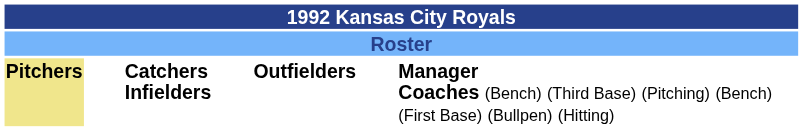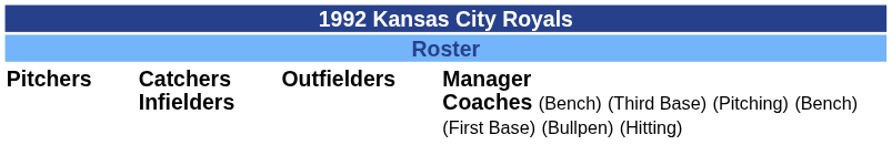 <table class="toccolours" style="font-size: 95%;">
 <tr>
 <th colspan="10" style="background-color: #27408B; color: #FFFFFF; text-align: center;">1992 Kansas City Royals</th>
 </tr>
 <tr>
 <td colspan="10" style="background-color: #74B4FA; color: #27408B; text-align: center;"><strong>Roster</strong></td>
 </tr>
 <tr>
-<td valign="top" style="background: khaki;"><strong>Pitchers</strong><br>                      </td>
+<td valign="top"><strong>Pitchers</strong><br>                      </td>
 <td width="25px"></td>
 <td valign="top"><strong>Catchers</strong><br>   <strong>Infielders</strong>        </td>
 <td width="25px"></td>
 <td valign="top"><strong>Outfielders</strong><br>        </td>
 <td width="25px"></td>
 <td valign="top"><strong>Manager</strong><br> <strong>Coaches</strong>  <small>(Bench)</small>  <small>(Third Base)</small>  <small>(Pitching)</small>  <small>(Bench)</small>  <small>(First Base)</small>  <small>(Bullpen)</small>  <small>(Hitting)</small></td>
 </tr>
 </table>
